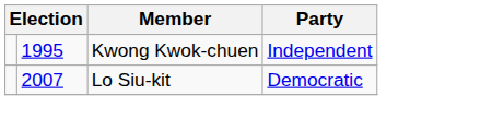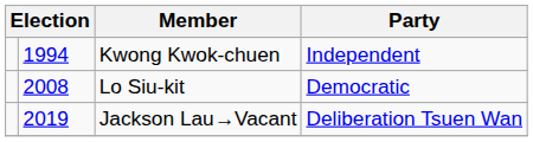 <table class="wikitable">
 <tr>
 <th colspan="2">Election</th>
 <th>Member</th>
 <th>Party</th>
 </tr>
 <tr>
 <td style="background-color: "></td>
-<td><a href='#'>1995</a></td>
+<td><a href='#'>1994</a></td>
 <td>Kwong Kwok-chuen</td>
 <td><a href='#'>Independent</a></td>
 </tr>
 <tr>
 <td style="background-color: "></td>
-<td><a href='#'>2007</a></td>
+<td><a href='#'>2008</a></td>
 <td>Lo Siu-kit</td>
 <td><a href='#'>Democratic</a></td>
 </tr>
 <tr>
+<td style="background-color: "></td>
+<td><a href='#'>2019</a></td>
+<td>Jackson Lau→Vacant</td>
+<td><a href='#'>Deliberation Tsuen Wan</a></td>
+</tr>
+<tr>
 </tr>
 </table>
